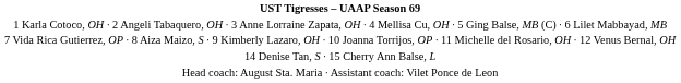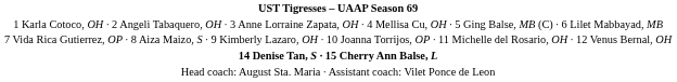 <table class='toccolours mw-collapsible mw-collapsed' width=100% style=font-size:95%>
 <tr>
 <th style=>UST Tigresses – UAAP Season 69</th>
 </tr>
 <tr align=center>
 <td>1 Karla Cotoco, <em>OH</em> ∙ 2 Angeli Tabaquero, <em>OH</em> ∙ 3 Anne Lorraine Zapata, <em>OH</em> ∙ 4 Mellisa Cu, <em>OH</em> ∙ 5 Ging Balse, <em>MB</em> (C) ∙ 6 Lilet Mabbayad, <em>MB</em></td>
 </tr>
 <tr align=center>
 <td>7 Vida Rica Gutierrez, <em>OP</em> ∙ 8 Aiza Maizo, <em>S</em> ∙ 9 Kimberly Lazaro, <em>OH</em> ∙ 10 Joanna Torrijos, <em>OP</em> ∙ 11 Michelle del Rosario, <em>OH</em> ∙ 12 Venus Bernal, <em>OH</em></td>
 </tr>
 <tr align=center>
-<td>14 Denise Tan, <em>S</em> ∙ 15 Cherry Ann Balse, <em>L</em></td>
+<td><strong>14 Denise Tan, <em>S</em> ∙ 15 Cherry Ann Balse, <em>L</em></strong></td>
 </tr>
 <tr align=center>
 <td>Head coach: August Sta. Maria ∙ Assistant coach: Vilet Ponce de Leon</td>
 </tr>
 </table>
